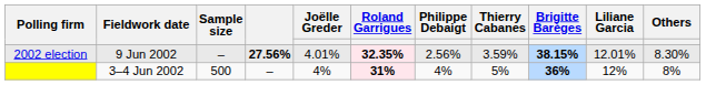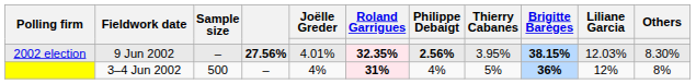 <table class="wikitable sortable" style="text-align:center;font-size:90%;line-height:14px;">
 <tr style="height:40px;">
 <th style="width:100px;" rowspan="2">Polling firm</th>
 <th style="width:110px;" rowspan="2">Fieldwork date</th>
 <th style="width:35px;" rowspan="2">Sample<br>size</th>
 <th style="width:30px;" rowspan="2"></th>
 <th class="unsortable" style="width:60px;">Joëlle Greder<br></th>
 <th class="unsortable" style="width:60px;"><a href='#'>Roland Garrigues</a><br></th>
 <th class="unsortable" style="width:60px;">Philippe Debaigt<br></th>
 <th class="unsortable" style="width:60px;">Thierry Cabanes<br></th>
 <th class="unsortable" style="width:60px;"><a href='#'>Brigitte Barèges</a><br></th>
 <th class="unsortable" style="width:60px;">Liliane Garcia<br></th>
 <th class="unsortable" style="width:60px;">Others</th>
 </tr>
 <tr>
 <th style="background:"></th>
 <th style="background:"></th>
 <th style="background:"></th>
 <th style="background:"></th>
 <th style="background:"></th>
 <th style="background:"></th>
 <th style="background:"></th>
 </tr>
 <tr style="background:#E9E9E9;">
 <td><a href='#'>2002 election</a></td>
 <td data-sort-value="2002-06-09">9 Jun 2002</td>
 <td>–</td>
 <td><strong>27.56%</strong></td>
 <td>4.01%</td>
 <td style="background:#FFE6EC;"><strong>32.35%</strong></td>
-<td>2.56%</td>
-<td>3.59%</td>
+<td><strong>2.56%</strong></td>
+<td>3.95%</td>
 <td style="background:#B9DAFF;"><strong>38.15%</strong></td>
-<td>12.01%</td>
+<td>12.03%</td>
 <td>8.30%</td>
 </tr>
 <tr>
 <td style="background:yellow;"></td>
 <td data-sort-value="2002-06-04">3–4 Jun 2002</td>
 <td>500</td>
 <td>–</td>
 <td>4%</td>
 <td style="background:#FFE6EC;"><strong>31%</strong></td>
 <td>4%</td>
 <td>5%</td>
 <td style="background:#B9DAFF;"><strong>36%</strong></td>
 <td>12%</td>
 <td>8%</td>
 </tr>
 </table>
